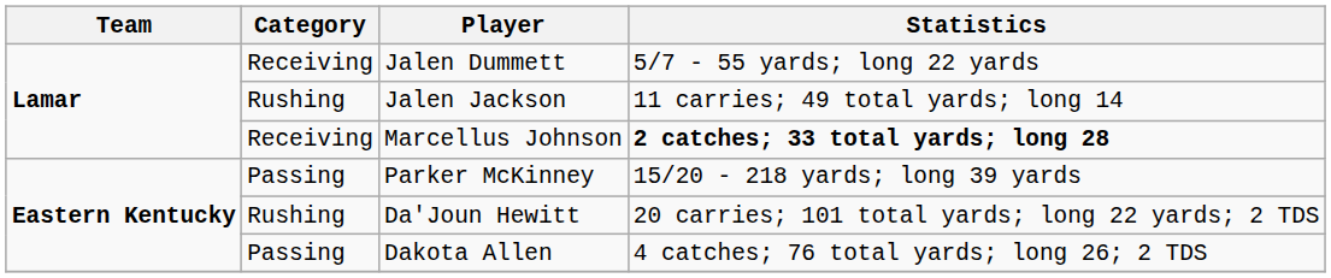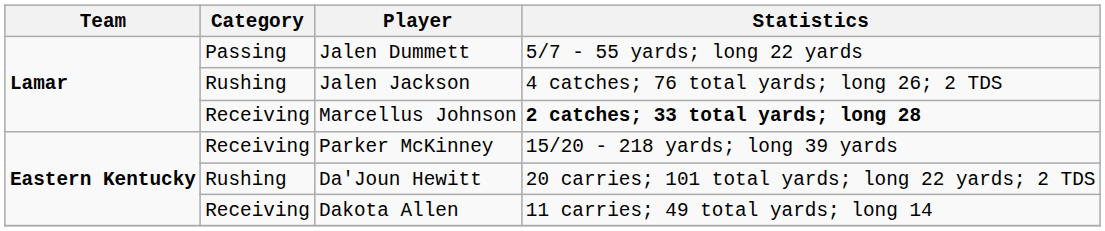 <table class="wikitable" style="float: right;">
 <tr>
 <th>Team</th>
 <th>Category</th>
 <th>Player</th>
 <th>Statistics</th>
 </tr>
 <tr>
 <td rowspan=3><strong>Lamar</strong></td>
-<td>Receiving</td>
+<td>Passing</td>
 <td>Jalen Dummett</td>
 <td>5/7 - 55 yards; long 22 yards</td>
 </tr>
 <tr>
 <td>Rushing</td>
 <td>Jalen Jackson</td>
-<td>11 carries; 49 total yards; long 14</td>
+<td>4 catches; 76 total yards; long 26; 2 TDS</td>
 </tr>
 <tr>
 <td>Receiving</td>
 <td>Marcellus Johnson</td>
 <td><strong>2 catches; 33 total yards; long 28</strong></td>
 </tr>
 <tr>
 <td rowspan=3><strong>Eastern Kentucky</strong></td>
-<td>Passing</td>
+<td>Receiving</td>
 <td>Parker McKinney</td>
 <td>15/20 - 218 yards; long 39 yards</td>
 </tr>
 <tr>
 <td>Rushing</td>
 <td>Da'Joun Hewitt</td>
 <td>20 carries; 101 total yards; long 22 yards; 2 TDS</td>
 </tr>
 <tr>
-<td>Passing</td>
+<td>Receiving</td>
 <td>Dakota Allen</td>
-<td>4 catches; 76 total yards; long 26; 2 TDS</td>
+<td>11 carries; 49 total yards; long 14</td>
 </tr>
 <tr>
 </tr>
 </table>
